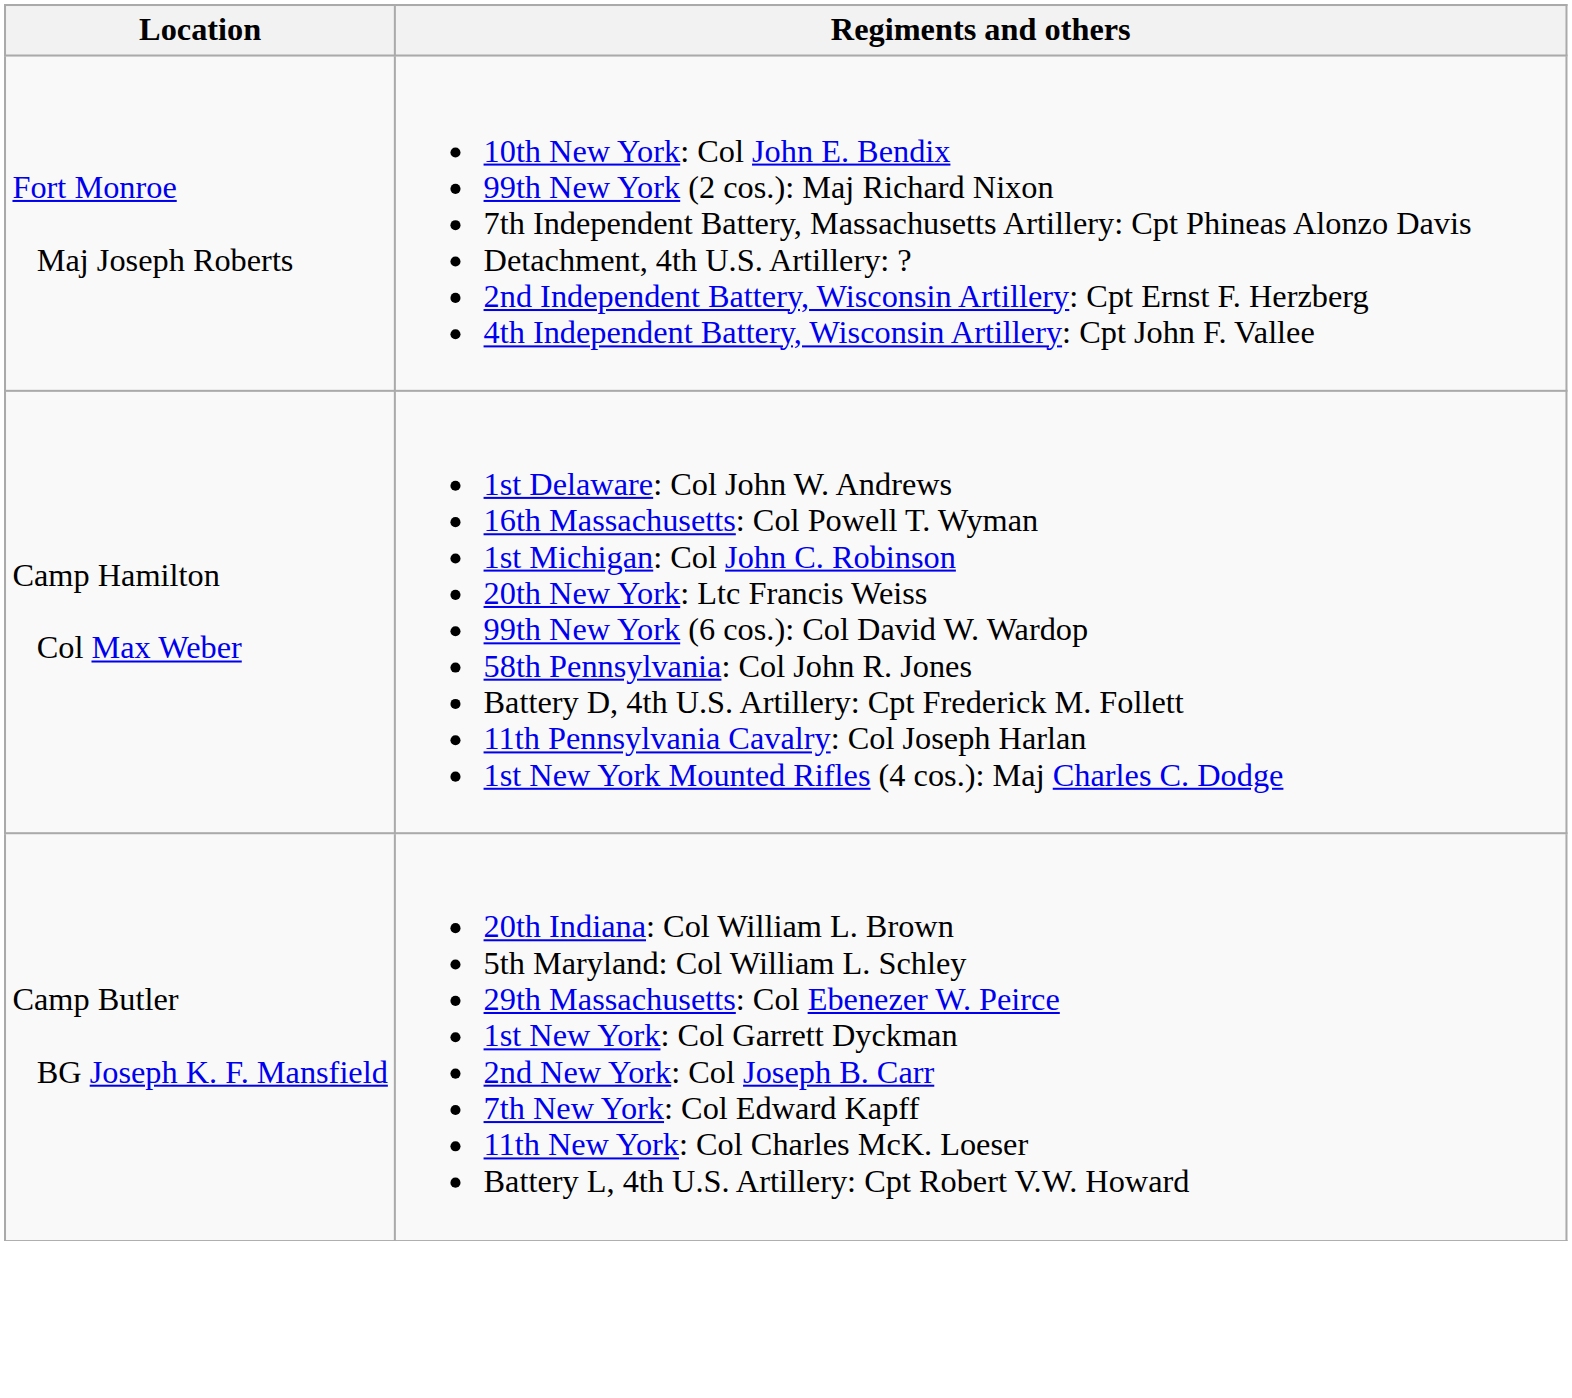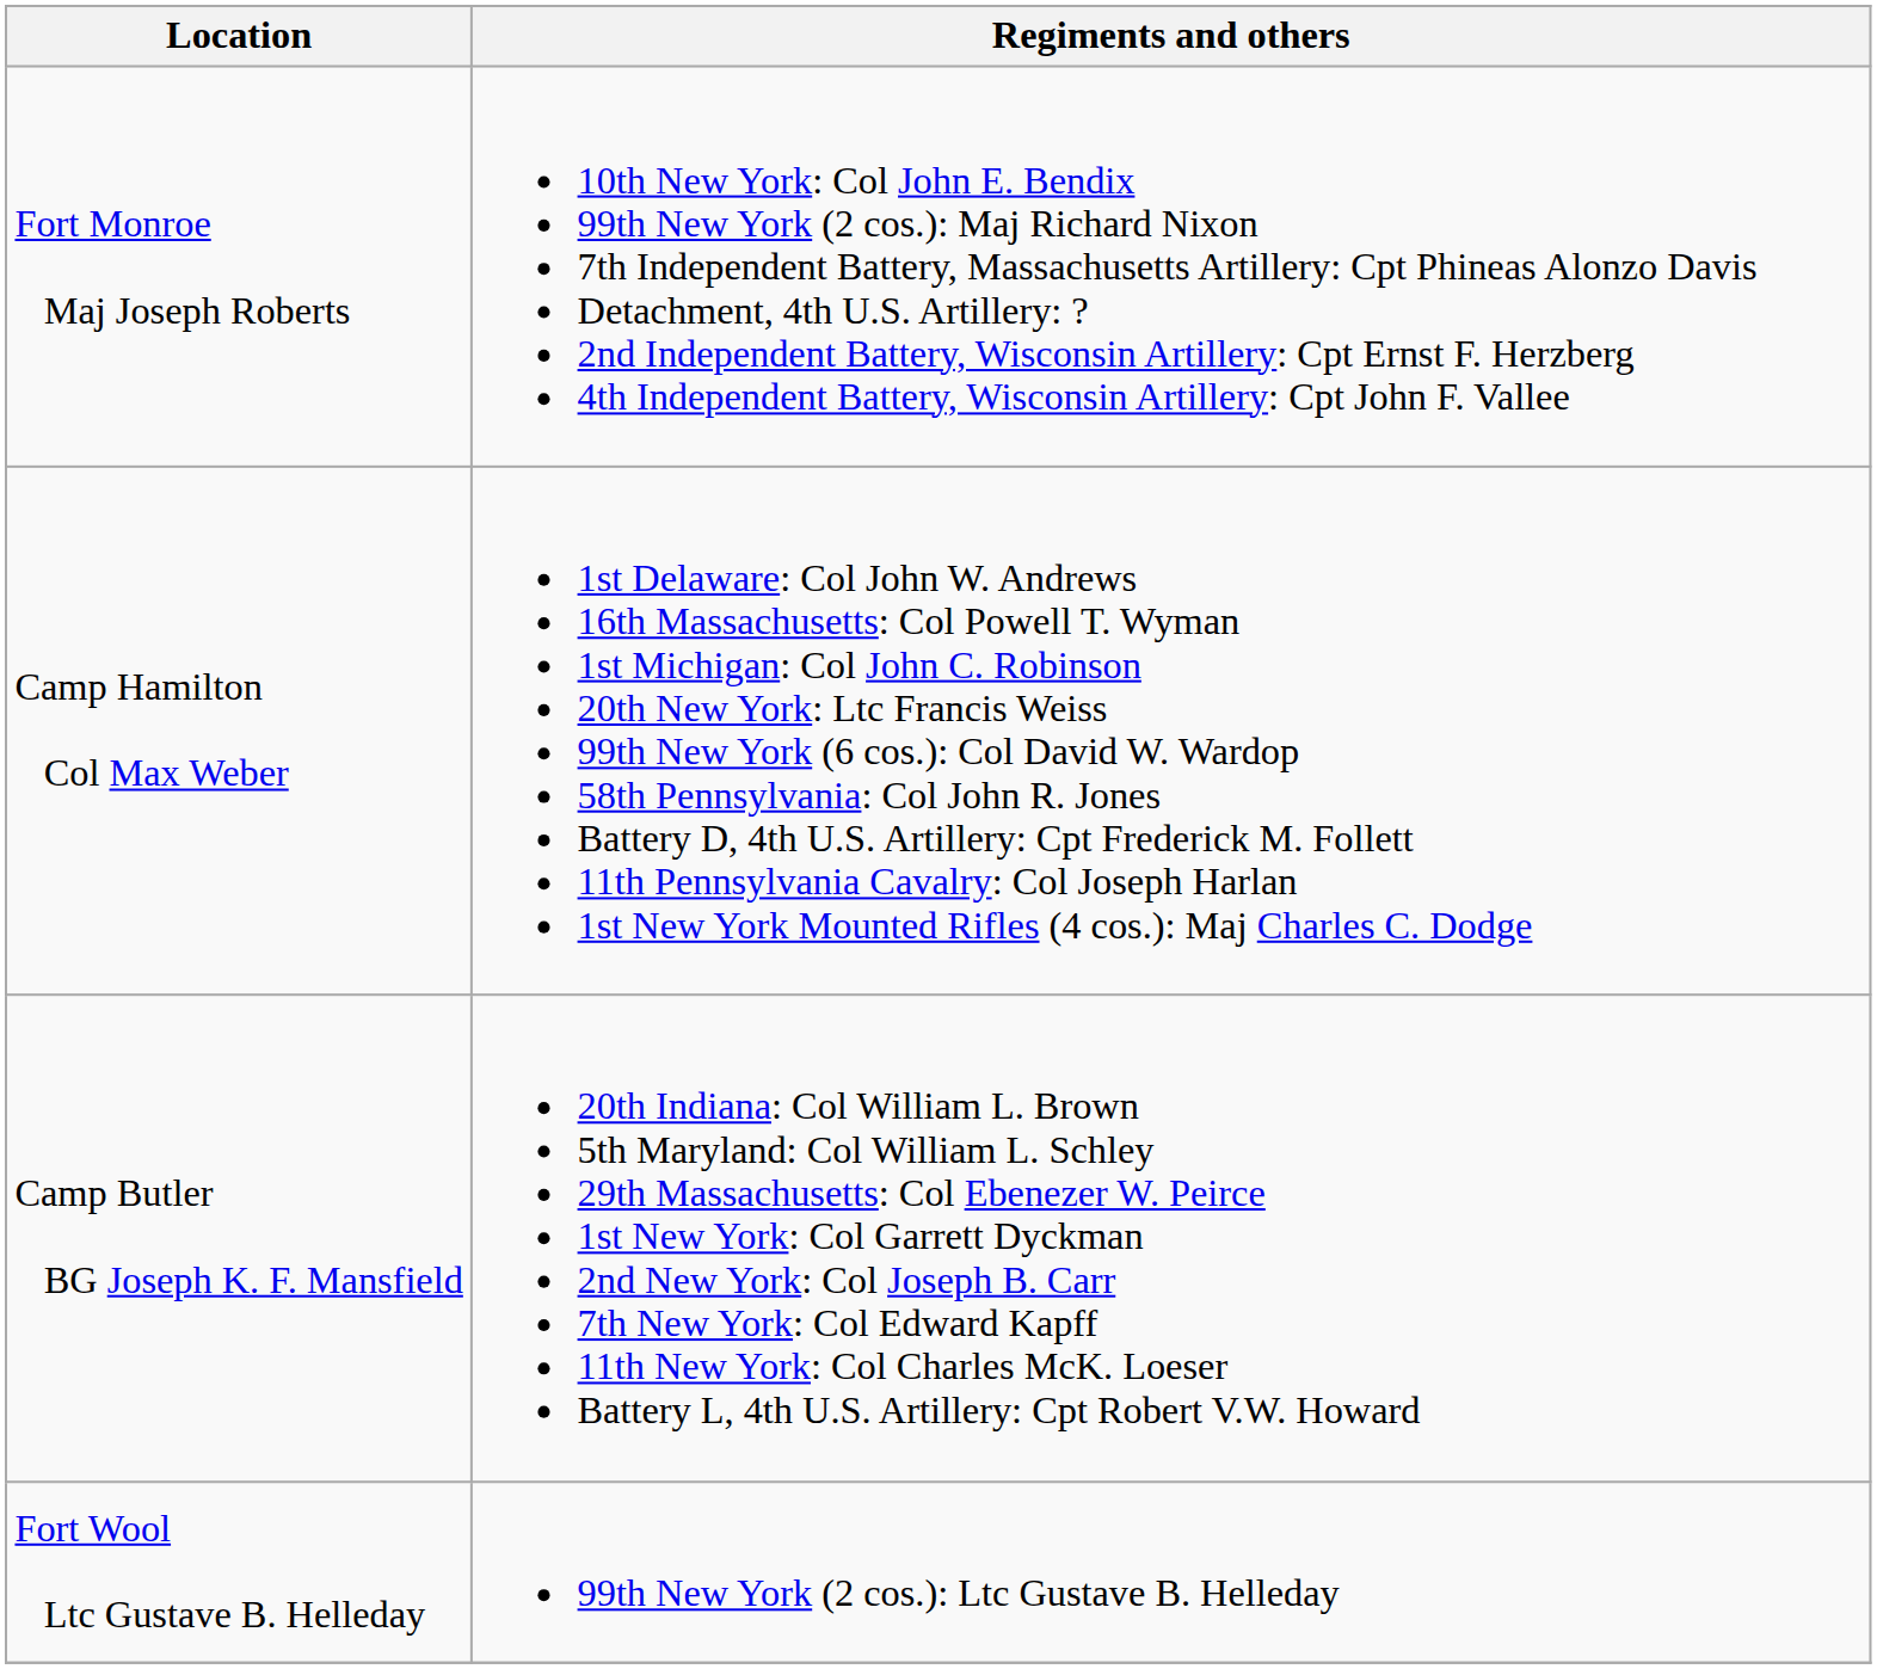 <table class="wikitable">
 <tr>
 <th width=25%>Location</th>
 <th>Regiments and others</th>
 </tr>
 <tr>
 <td><a href='#'>Fort Monroe</a><br><br>   Maj Joseph Roberts</td>
 <td><br><ul><li><a href='#'>10th New York</a>: Col <a href='#'>John E. Bendix</a></li><li><a href='#'>99th New York</a> (2 cos.): Maj Richard Nixon</li><li>7th Independent Battery, Massachusetts Artillery: Cpt Phineas Alonzo Davis</li><li>Detachment, 4th U.S. Artillery: ?</li><li><a href='#'>2nd Independent Battery, Wisconsin Artillery</a>: Cpt Ernst F. Herzberg</li><li><a href='#'>4th Independent Battery, Wisconsin Artillery</a>: Cpt John F. Vallee</li></ul></td>
 </tr>
 <tr>
 <td>Camp Hamilton<br><br>   Col <a href='#'>Max Weber</a></td>
 <td><br><ul><li><a href='#'>1st Delaware</a>: Col John W. Andrews</li><li><a href='#'>16th Massachusetts</a>: Col Powell T. Wyman</li><li><a href='#'>1st Michigan</a>: Col <a href='#'>John C. Robinson</a></li><li><a href='#'>20th New York</a>: Ltc Francis Weiss</li><li><a href='#'>99th New York</a> (6 cos.): Col David W. Wardop</li><li><a href='#'>58th Pennsylvania</a>: Col John R. Jones</li><li>Battery D, 4th U.S. Artillery: Cpt Frederick M. Follett</li><li><a href='#'>11th Pennsylvania Cavalry</a>: Col Joseph Harlan</li><li><a href='#'>1st New York Mounted Rifles</a> (4 cos.): Maj <a href='#'>Charles C. Dodge</a></li></ul></td>
 </tr>
 <tr>
 <td>Camp Butler<br><br>   BG <a href='#'>Joseph K. F. Mansfield</a></td>
 <td><br><ul><li><a href='#'>20th Indiana</a>: Col William L. Brown</li><li>5th Maryland: Col William L. Schley</li><li><a href='#'>29th Massachusetts</a>: Col <a href='#'>Ebenezer W. Peirce</a></li><li><a href='#'>1st New York</a>: Col Garrett Dyckman</li><li><a href='#'>2nd New York</a>: Col <a href='#'>Joseph B. Carr</a></li><li><a href='#'>7th New York</a>: Col Edward Kapff</li><li><a href='#'>11th New York</a>: Col Charles McK. Loeser</li><li>Battery L, 4th U.S. Artillery: Cpt Robert V.W. Howard</li></ul></td>
 </tr>
 <tr>
+<td><a href='#'>Fort Wool</a><br><br>   Ltc Gustave B. Helleday</td>
+<td><br><ul><li><a href='#'>99th New York</a> (2 cos.): Ltc Gustave B. Helleday</li></ul></td>
+</tr>
+<tr>
 </tr>
 </table>
